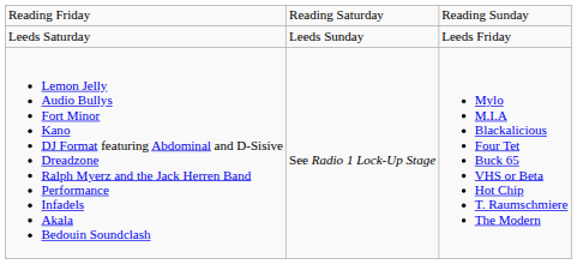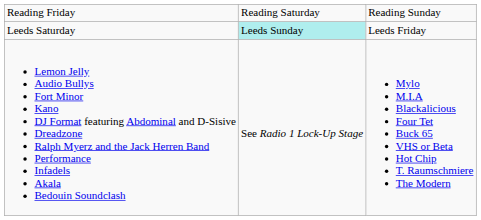 <table class="wikitable">
 <tr>
 <td>Reading Friday</td>
 <td>Reading Saturday</td>
 <td>Reading Sunday</td>
 </tr>
 <tr>
 <td>Leeds Saturday</td>
-<td>Leeds Sunday</td>
+<td style="background: paleturquoise;">Leeds Sunday</td>
 <td>Leeds Friday</td>
 </tr>
 <tr>
 <td><br><ul><li><a href='#'>Lemon Jelly</a></li><li><a href='#'>Audio Bullys</a></li><li><a href='#'>Fort Minor</a></li><li><a href='#'>Kano</a></li><li><a href='#'>DJ Format</a> featuring <a href='#'>Abdominal</a> and D-Sisive</li><li><a href='#'>Dreadzone</a></li><li><a href='#'>Ralph Myerz and the Jack Herren Band</a></li><li><a href='#'>Performance</a></li><li><a href='#'>Infadels</a></li><li><a href='#'>Akala</a></li><li><a href='#'>Bedouin Soundclash</a></li></ul></td>
 <td><br>See <em>Radio 1 Lock-Up Stage</em></td>
 <td><br><ul><li><a href='#'>Mylo</a></li><li><a href='#'>M.I.A</a></li><li><a href='#'>Blackalicious</a></li><li><a href='#'>Four Tet</a></li><li><a href='#'>Buck 65</a></li><li><a href='#'>VHS or Beta</a></li><li><a href='#'>Hot Chip</a></li><li><a href='#'>T. Raumschmiere</a></li><li><a href='#'>The Modern</a></li></ul></td>
 </tr>
 </table>
